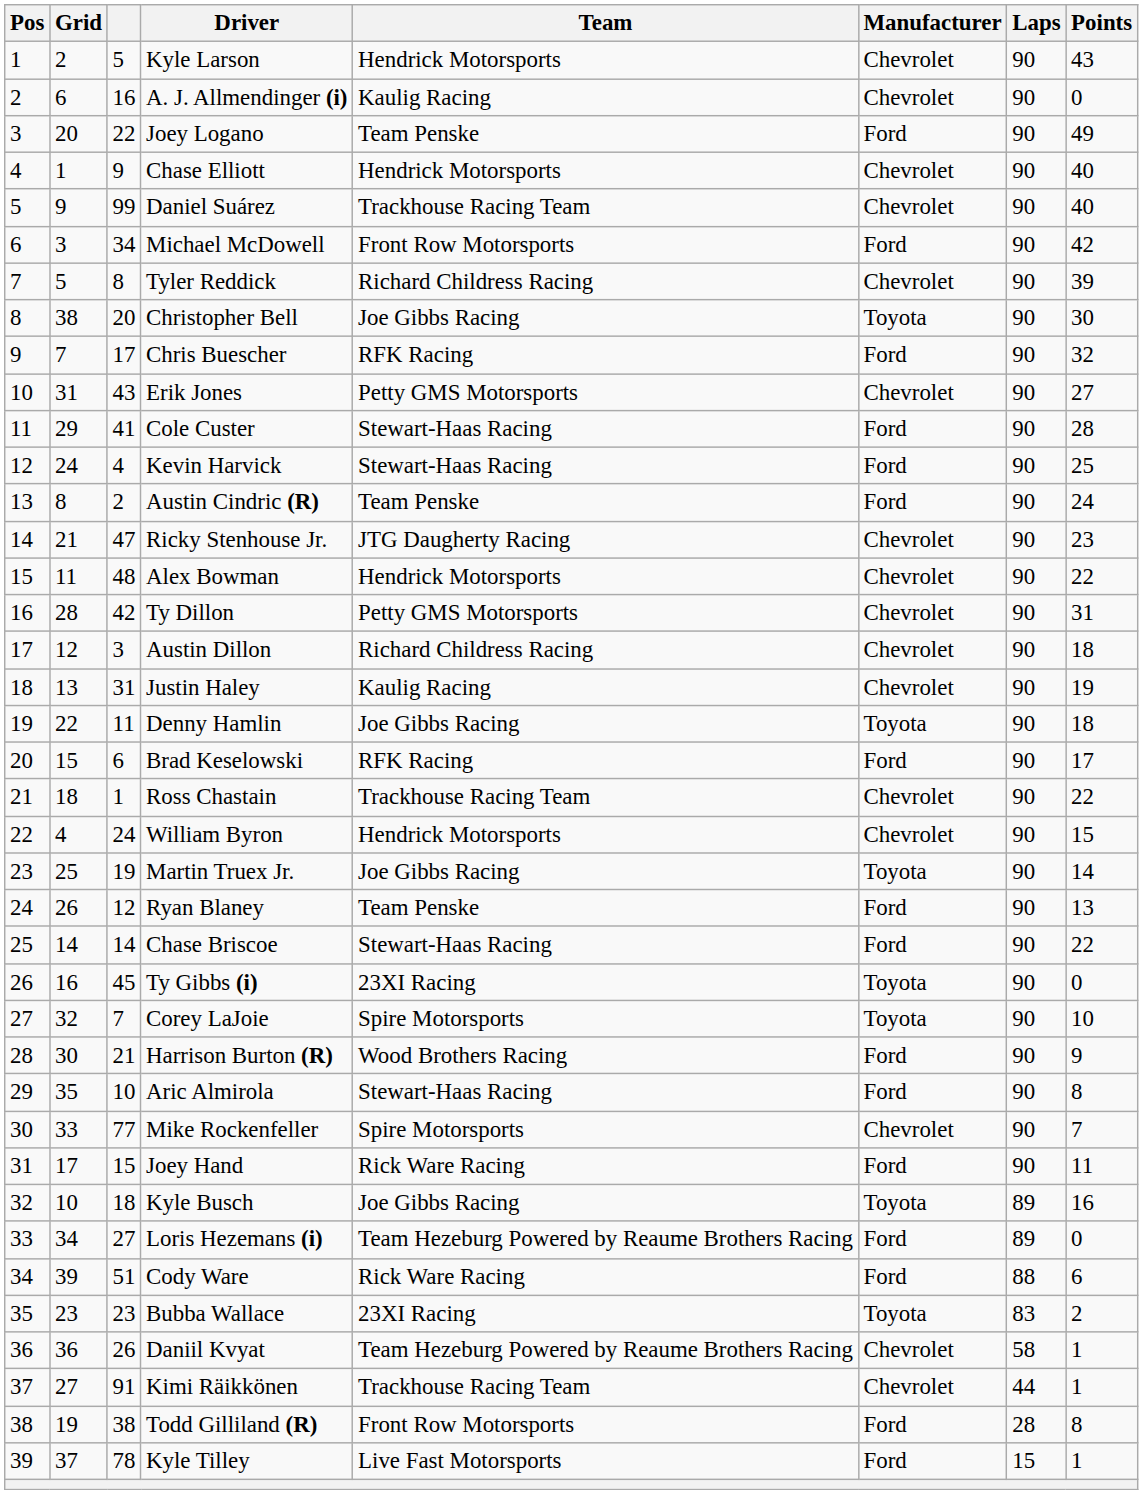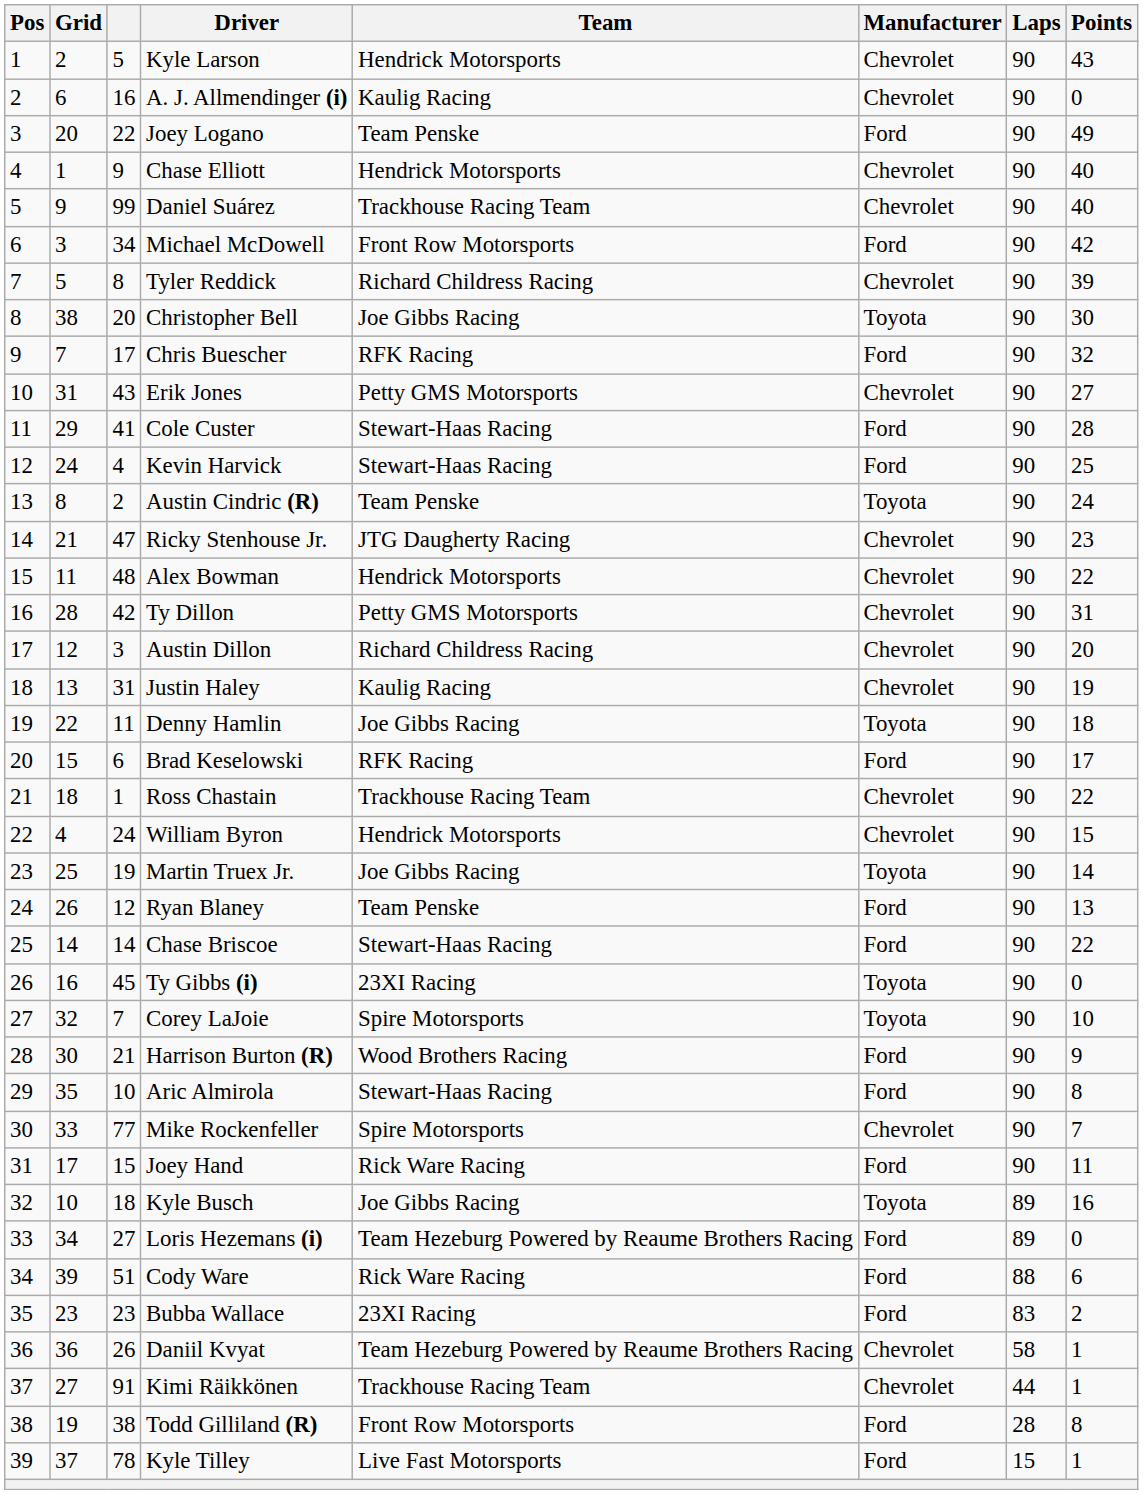 <table class="wikitable" style="font-size:98%">
 <tr>
 <th>Pos</th>
 <th>Grid</th>
 <th></th>
 <th>Driver</th>
 <th>Team</th>
 <th>Manufacturer</th>
 <th>Laps</th>
 <th>Points</th>
 </tr>
 <tr>
 <td>1</td>
 <td>2</td>
 <td>5</td>
 <td>Kyle Larson</td>
 <td>Hendrick Motorsports</td>
 <td>Chevrolet</td>
 <td>90</td>
 <td>43</td>
 </tr>
 <tr>
 <td>2</td>
 <td>6</td>
 <td>16</td>
 <td>A. J. Allmendinger <strong>(i)</strong></td>
 <td>Kaulig Racing</td>
 <td>Chevrolet</td>
 <td>90</td>
 <td>0</td>
 </tr>
 <tr>
 <td>3</td>
 <td>20</td>
 <td>22</td>
 <td>Joey Logano</td>
 <td>Team Penske</td>
 <td>Ford</td>
 <td>90</td>
 <td>49</td>
 </tr>
 <tr>
 <td>4</td>
 <td>1</td>
 <td>9</td>
 <td>Chase Elliott</td>
 <td>Hendrick Motorsports</td>
 <td>Chevrolet</td>
 <td>90</td>
 <td>40</td>
 </tr>
 <tr>
 <td>5</td>
 <td>9</td>
 <td>99</td>
 <td>Daniel Suárez</td>
 <td>Trackhouse Racing Team</td>
 <td>Chevrolet</td>
 <td>90</td>
 <td>40</td>
 </tr>
 <tr>
 <td>6</td>
 <td>3</td>
 <td>34</td>
 <td>Michael McDowell</td>
 <td>Front Row Motorsports</td>
 <td>Ford</td>
 <td>90</td>
 <td>42</td>
 </tr>
 <tr>
 <td>7</td>
 <td>5</td>
 <td>8</td>
 <td>Tyler Reddick</td>
 <td>Richard Childress Racing</td>
 <td>Chevrolet</td>
 <td>90</td>
 <td>39</td>
 </tr>
 <tr>
 <td>8</td>
 <td>38</td>
 <td>20</td>
 <td>Christopher Bell</td>
 <td>Joe Gibbs Racing</td>
 <td>Toyota</td>
 <td>90</td>
 <td>30</td>
 </tr>
 <tr>
 <td>9</td>
 <td>7</td>
 <td>17</td>
 <td>Chris Buescher</td>
 <td>RFK Racing</td>
 <td>Ford</td>
 <td>90</td>
 <td>32</td>
 </tr>
 <tr>
 <td>10</td>
 <td>31</td>
 <td>43</td>
 <td>Erik Jones</td>
 <td>Petty GMS Motorsports</td>
 <td>Chevrolet</td>
 <td>90</td>
 <td>27</td>
 </tr>
 <tr>
 <td>11</td>
 <td>29</td>
 <td>41</td>
 <td>Cole Custer</td>
 <td>Stewart-Haas Racing</td>
 <td>Ford</td>
 <td>90</td>
 <td>28</td>
 </tr>
 <tr>
 <td>12</td>
 <td>24</td>
 <td>4</td>
 <td>Kevin Harvick</td>
 <td>Stewart-Haas Racing</td>
 <td>Ford</td>
 <td>90</td>
 <td>25</td>
 </tr>
 <tr>
 <td>13</td>
 <td>8</td>
 <td>2</td>
 <td>Austin Cindric <strong>(R)</strong></td>
 <td>Team Penske</td>
-<td>Ford</td>
+<td>Toyota</td>
 <td>90</td>
 <td>24</td>
 </tr>
 <tr>
 <td>14</td>
 <td>21</td>
 <td>47</td>
 <td>Ricky Stenhouse Jr.</td>
 <td>JTG Daugherty Racing</td>
 <td>Chevrolet</td>
 <td>90</td>
 <td>23</td>
 </tr>
 <tr>
 <td>15</td>
 <td>11</td>
 <td>48</td>
 <td>Alex Bowman</td>
 <td>Hendrick Motorsports</td>
 <td>Chevrolet</td>
 <td>90</td>
 <td>22</td>
 </tr>
 <tr>
 <td>16</td>
 <td>28</td>
 <td>42</td>
 <td>Ty Dillon</td>
 <td>Petty GMS Motorsports</td>
 <td>Chevrolet</td>
 <td>90</td>
 <td>31</td>
 </tr>
 <tr>
 <td>17</td>
 <td>12</td>
 <td>3</td>
 <td>Austin Dillon</td>
 <td>Richard Childress Racing</td>
 <td>Chevrolet</td>
 <td>90</td>
-<td>18</td>
+<td>20</td>
 </tr>
 <tr>
 <td>18</td>
 <td>13</td>
 <td>31</td>
 <td>Justin Haley</td>
 <td>Kaulig Racing</td>
 <td>Chevrolet</td>
 <td>90</td>
 <td>19</td>
 </tr>
 <tr>
 <td>19</td>
 <td>22</td>
 <td>11</td>
 <td>Denny Hamlin</td>
 <td>Joe Gibbs Racing</td>
 <td>Toyota</td>
 <td>90</td>
 <td>18</td>
 </tr>
 <tr>
 <td>20</td>
 <td>15</td>
 <td>6</td>
 <td>Brad Keselowski</td>
 <td>RFK Racing</td>
 <td>Ford</td>
 <td>90</td>
 <td>17</td>
 </tr>
 <tr>
 <td>21</td>
 <td>18</td>
 <td>1</td>
 <td>Ross Chastain</td>
 <td>Trackhouse Racing Team</td>
 <td>Chevrolet</td>
 <td>90</td>
 <td>22</td>
 </tr>
 <tr>
 <td>22</td>
 <td>4</td>
 <td>24</td>
 <td>William Byron</td>
 <td>Hendrick Motorsports</td>
 <td>Chevrolet</td>
 <td>90</td>
 <td>15</td>
 </tr>
 <tr>
 <td>23</td>
 <td>25</td>
 <td>19</td>
 <td>Martin Truex Jr.</td>
 <td>Joe Gibbs Racing</td>
 <td>Toyota</td>
 <td>90</td>
 <td>14</td>
 </tr>
 <tr>
 <td>24</td>
 <td>26</td>
 <td>12</td>
 <td>Ryan Blaney</td>
 <td>Team Penske</td>
 <td>Ford</td>
 <td>90</td>
 <td>13</td>
 </tr>
 <tr>
 <td>25</td>
 <td>14</td>
 <td>14</td>
 <td>Chase Briscoe</td>
 <td>Stewart-Haas Racing</td>
 <td>Ford</td>
 <td>90</td>
 <td>22</td>
 </tr>
 <tr>
 <td>26</td>
 <td>16</td>
 <td>45</td>
 <td>Ty Gibbs <strong>(i)</strong></td>
 <td>23XI Racing</td>
 <td>Toyota</td>
 <td>90</td>
 <td>0</td>
 </tr>
 <tr>
 <td>27</td>
 <td>32</td>
 <td>7</td>
 <td>Corey LaJoie</td>
 <td>Spire Motorsports</td>
 <td>Toyota</td>
 <td>90</td>
 <td>10</td>
 </tr>
 <tr>
 <td>28</td>
 <td>30</td>
 <td>21</td>
 <td>Harrison Burton <strong>(R)</strong></td>
 <td>Wood Brothers Racing</td>
 <td>Ford</td>
 <td>90</td>
 <td>9</td>
 </tr>
 <tr>
 <td>29</td>
 <td>35</td>
 <td>10</td>
 <td>Aric Almirola</td>
 <td>Stewart-Haas Racing</td>
 <td>Ford</td>
 <td>90</td>
 <td>8</td>
 </tr>
 <tr>
 <td>30</td>
 <td>33</td>
 <td>77</td>
 <td>Mike Rockenfeller</td>
 <td>Spire Motorsports</td>
 <td>Chevrolet</td>
 <td>90</td>
 <td>7</td>
 </tr>
 <tr>
 <td>31</td>
 <td>17</td>
 <td>15</td>
 <td>Joey Hand</td>
 <td>Rick Ware Racing</td>
 <td>Ford</td>
 <td>90</td>
 <td>11</td>
 </tr>
 <tr>
 <td>32</td>
 <td>10</td>
 <td>18</td>
 <td>Kyle Busch</td>
 <td>Joe Gibbs Racing</td>
 <td>Toyota</td>
 <td>89</td>
 <td>16</td>
 </tr>
 <tr>
 <td>33</td>
 <td>34</td>
 <td>27</td>
 <td>Loris Hezemans <strong>(i)</strong></td>
 <td>Team Hezeburg Powered by Reaume Brothers Racing</td>
 <td>Ford</td>
 <td>89</td>
 <td>0</td>
 </tr>
 <tr>
 <td>34</td>
 <td>39</td>
 <td>51</td>
 <td>Cody Ware</td>
 <td>Rick Ware Racing</td>
 <td>Ford</td>
 <td>88</td>
 <td>6</td>
 </tr>
 <tr>
 <td>35</td>
 <td>23</td>
 <td>23</td>
 <td>Bubba Wallace</td>
 <td>23XI Racing</td>
-<td>Toyota</td>
+<td>Ford</td>
 <td>83</td>
 <td>2</td>
 </tr>
 <tr>
 <td>36</td>
 <td>36</td>
 <td>26</td>
 <td>Daniil Kvyat</td>
 <td>Team Hezeburg Powered by Reaume Brothers Racing</td>
 <td>Chevrolet</td>
 <td>58</td>
 <td>1</td>
 </tr>
 <tr>
 <td>37</td>
 <td>27</td>
 <td>91</td>
 <td>Kimi Räikkönen</td>
 <td>Trackhouse Racing Team</td>
 <td>Chevrolet</td>
 <td>44</td>
 <td>1</td>
 </tr>
 <tr>
 <td>38</td>
 <td>19</td>
 <td>38</td>
 <td>Todd Gilliland <strong>(R)</strong></td>
 <td>Front Row Motorsports</td>
 <td>Ford</td>
 <td>28</td>
 <td>8</td>
 </tr>
 <tr>
 <td>39</td>
 <td>37</td>
 <td>78</td>
 <td>Kyle Tilley</td>
 <td>Live Fast Motorsports</td>
 <td>Ford</td>
 <td>15</td>
 <td>1</td>
 </tr>
 <tr>
 <th colspan="8"></th>
 </tr>
 </table>
